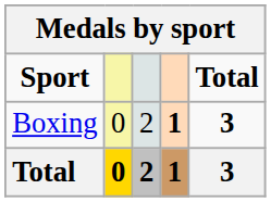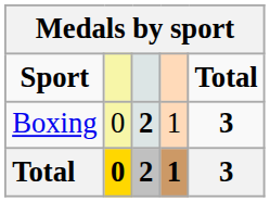 <table class="wikitable" style="text-align:center;font-size:90%">
 <tr style="background:#efefef;">
 <th colspan=7>Medals by sport</th>
 </tr>
 <tr>
 <td><strong>Sport</strong></td>
 <td bgcolor=#f7f6a8></td>
 <td bgcolor=#dce5e5></td>
 <td bgcolor=#ffdab9></td>
 <td><strong>Total</strong></td>
 </tr>
 <tr>
 <td style="text-align:left;"><a href='#'>Boxing</a></td>
 <td style="background:#F7F6A8;">0</td>
-<td style="background:#DCE5E5;">2</td>
-<td style="background:#FFDAB9;"><strong>1</strong></td>
+<td style="background:#DCE5E5;"><strong>2</strong></td>
+<td style="background:#FFDAB9;">1</td>
 <td><strong>3</strong></td>
 </tr>
 <tr>
 <th style="text-align:left;">Total</th>
 <th style="background:gold;">0</th>
 <th style="background:silver;">2</th>
 <th style="background:#c96;">1</th>
 <th>3</th>
 </tr>
 </table>
